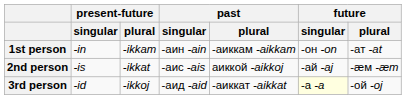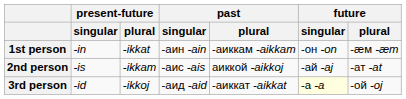 <table class="wikitable">
 <tr>
 <th></th>
 <th colspan="2">present-future</th>
 <th colspan="2">past</th>
 <th colspan="2">future</th>
 </tr>
 <tr>
 <th></th>
 <th>singular</th>
 <th>plural</th>
 <th>singular</th>
 <th>plural</th>
 <th>singular</th>
 <th>plural</th>
 </tr>
 <tr>
 <th>1st person</th>
 <td><em>-in</em></td>
-<td><em>-ikkam</em></td>
+<td><em>-ikkat</em></td>
 <td>-аин <em>-ain</em></td>
 <td>-аиккам <em>-aikkam</em></td>
 <td>-он <em>-on</em></td>
-<td>-ат <em>-at</em></td>
+<td>-ӕм <em>-ӕm</em></td>
 </tr>
 <tr>
 <th>2nd person</th>
 <td><em>-is</em></td>
-<td><em>-ikkat</em></td>
+<td><em>-ikkam</em></td>
 <td>-аис <em>-ais</em></td>
 <td>аиккой <em>-aikkoj</em></td>
 <td>-ай <em>-aj</em></td>
-<td>-ӕм <em>-ӕm</em></td>
+<td>-ат <em>-at</em></td>
 </tr>
 <tr>
 <th>3rd person</th>
 <td><em>-id</em></td>
 <td><em>-ikkoj</em></td>
 <td>-аид <em>-aid</em></td>
 <td>-аиккат <em>-aikkat</em></td>
 <td style="background: lightyellow;">-а <em>-a</em></td>
 <td>-ой <em>-oj</em></td>
 </tr>
 </table>
